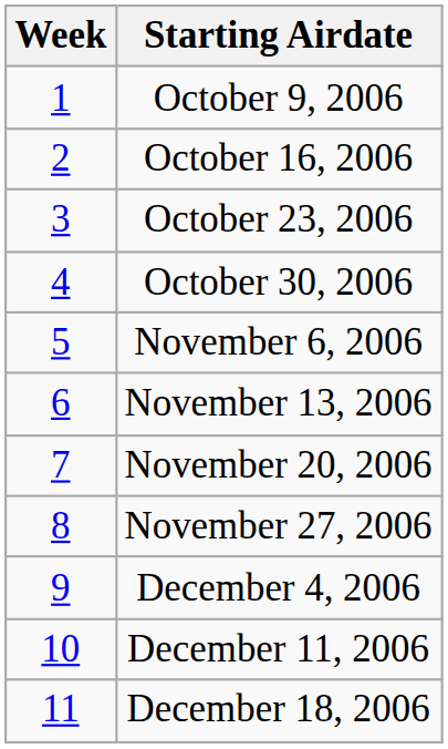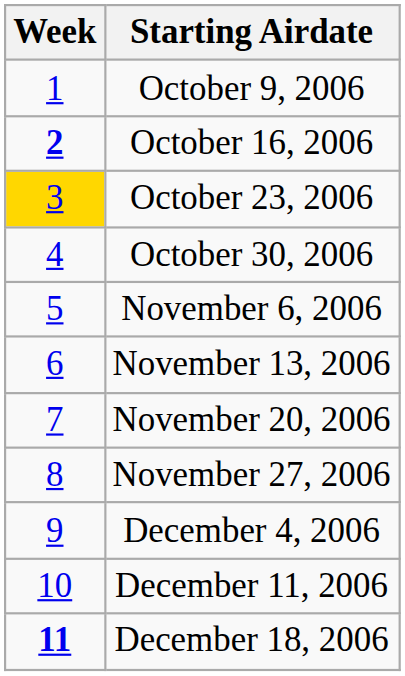 <table class="wikitable" style="text-align: center">
 <tr>
 <th>Week</th>
 <th>Starting Airdate</th>
 </tr>
 <tr>
 <td><a href='#'>1</a></td>
 <td>October 9, 2006</td>
 </tr>
 <tr>
-<td><a href='#'>2</a></td>
+<td><strong><a href='#'>2</a></strong></td>
 <td>October 16, 2006</td>
 </tr>
 <tr>
-<td><a href='#'>3</a></td>
+<td style="background: gold;"><a href='#'>3</a></td>
 <td>October 23, 2006</td>
 </tr>
 <tr>
 <td><a href='#'>4</a></td>
 <td>October 30, 2006</td>
 </tr>
 <tr>
 <td><a href='#'>5</a></td>
 <td>November 6, 2006</td>
 </tr>
 <tr>
 <td><a href='#'>6</a></td>
 <td>November 13, 2006</td>
 </tr>
 <tr>
 <td><a href='#'>7</a></td>
 <td>November 20, 2006</td>
 </tr>
 <tr>
 <td><a href='#'>8</a></td>
 <td>November 27, 2006</td>
 </tr>
 <tr>
 <td><a href='#'>9</a></td>
 <td>December 4, 2006</td>
 </tr>
 <tr>
 <td><a href='#'>10</a></td>
 <td>December 11, 2006</td>
 </tr>
 <tr>
-<td><a href='#'>11</a></td>
+<td><strong><a href='#'>11</a></strong></td>
 <td>December 18, 2006</td>
 </tr>
 </table>
